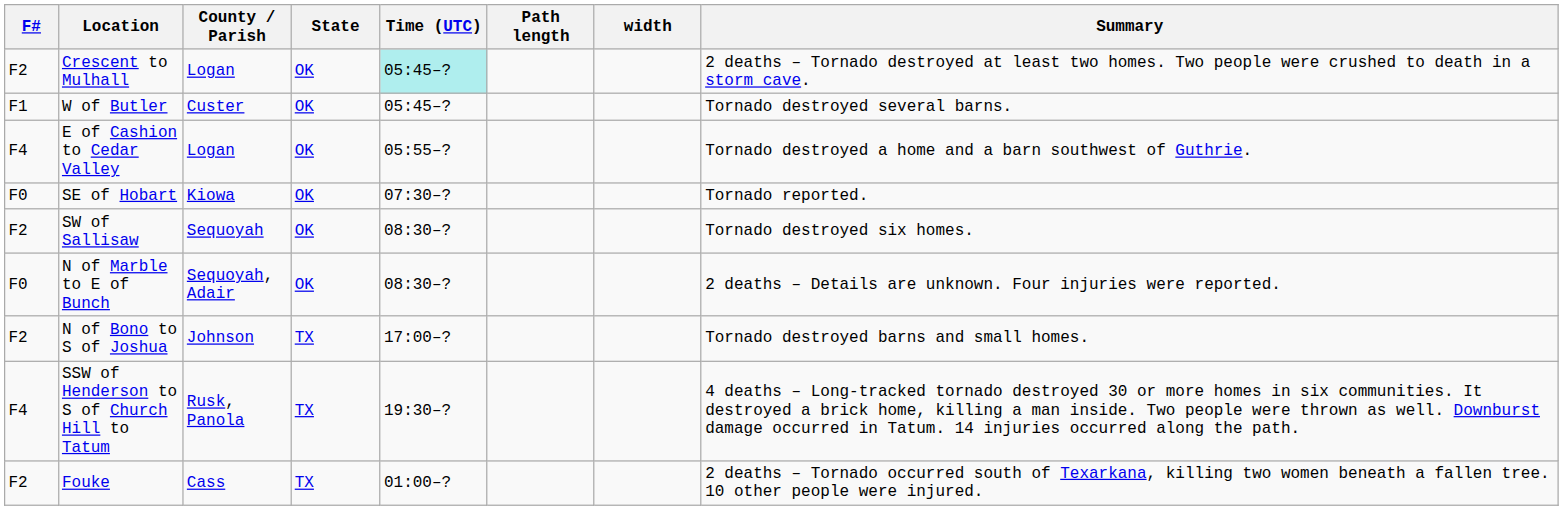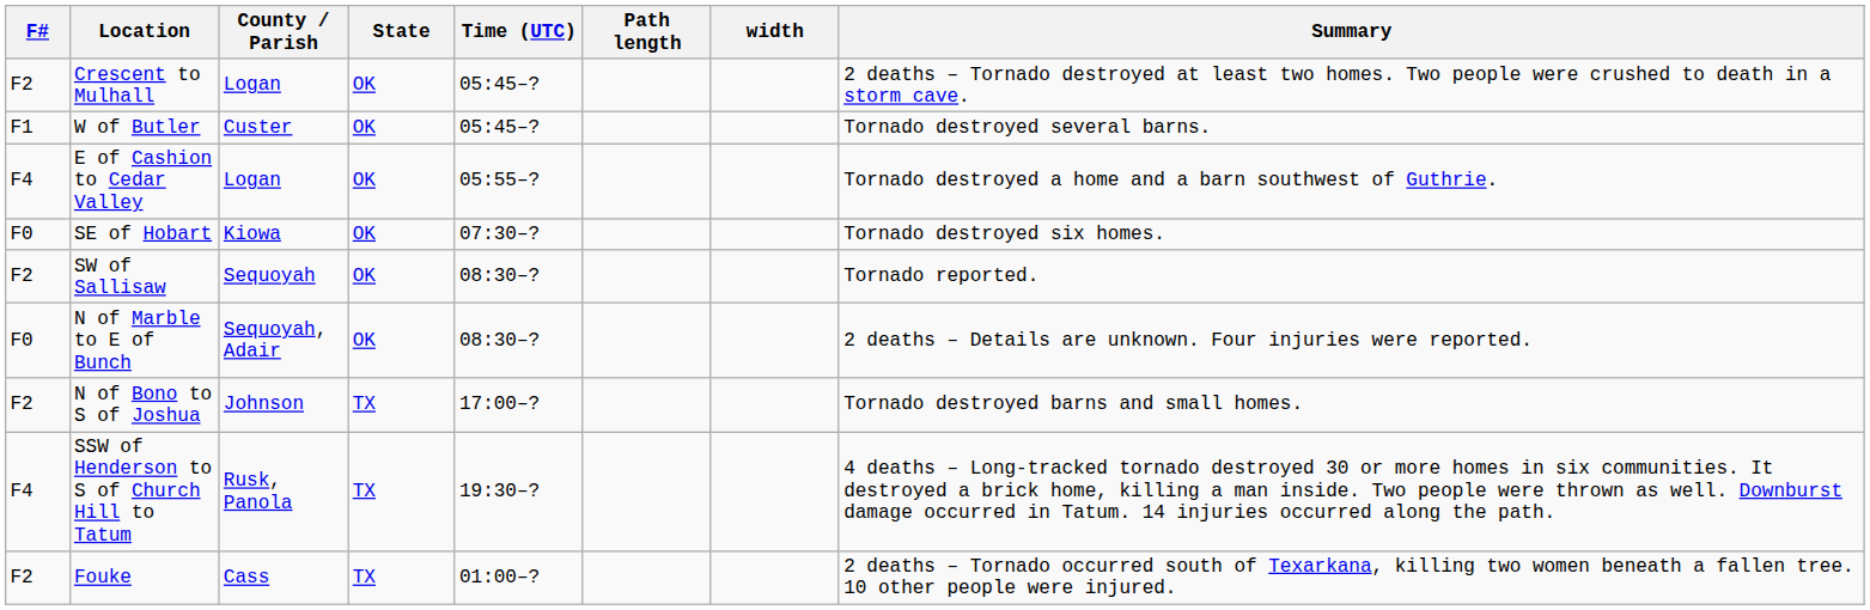 <table class="wikitable sortable" style="width:100%;">
 <tr>
 <th scope="col"  style="width:3%; text-align:center;"><a href='#'>F#</a></th>
 <th scope="col"  style="width:7%; text-align:center;" class="unsortable">Location</th>
 <th scope="col"  style="width:6%; text-align:center;" class="unsortable">County / Parish</th>
 <th scope="col"  style="width:5%; text-align:center;">State</th>
 <th scope="col"  style="width:6%; text-align:center;">Time (<a href='#'>UTC</a>)</th>
 <th scope="col"  style="width:6%; text-align:center;">Path length</th>
 <th scope="col"  style="width:6%; text-align:center;"> width</th>
 <th scope="col" class="unsortable" style="width:48%; text-align:center;">Summary</th>
 </tr>
 <tr>
 <td>F2</td>
 <td><a href='#'>Crescent</a> to <a href='#'>Mulhall</a></td>
 <td><a href='#'>Logan</a></td>
 <td><a href='#'>OK</a></td>
-<td style="background: paleturquoise;">05:45–?</td>
+<td>05:45–?</td>
 <td></td>
 <td></td>
 <td>2 deaths – Tornado destroyed at least two homes. Two people were crushed to death in a <a href='#'>storm cave</a>.</td>
 </tr>
 <tr>
 <td>F1</td>
 <td>W of <a href='#'>Butler</a></td>
 <td><a href='#'>Custer</a></td>
 <td><a href='#'>OK</a></td>
 <td>05:45–?</td>
 <td></td>
 <td></td>
 <td>Tornado destroyed several barns.</td>
 </tr>
 <tr>
 <td>F4</td>
 <td>E of <a href='#'>Cashion</a> to <a href='#'>Cedar Valley</a></td>
 <td><a href='#'>Logan</a></td>
 <td><a href='#'>OK</a></td>
 <td>05:55–?</td>
 <td></td>
 <td></td>
 <td>Tornado destroyed a home and a barn  southwest of <a href='#'>Guthrie</a>.</td>
 </tr>
 <tr>
 <td>F0</td>
 <td>SE of <a href='#'>Hobart</a></td>
 <td><a href='#'>Kiowa</a></td>
 <td><a href='#'>OK</a></td>
 <td>07:30–?</td>
 <td></td>
 <td></td>
-<td>Tornado reported.</td>
+<td>Tornado destroyed six homes.</td>
 </tr>
 <tr>
 <td>F2</td>
 <td>SW of <a href='#'>Sallisaw</a></td>
 <td><a href='#'>Sequoyah</a></td>
 <td><a href='#'>OK</a></td>
 <td>08:30–?</td>
 <td></td>
 <td></td>
-<td>Tornado destroyed six homes.</td>
+<td>Tornado reported.</td>
 </tr>
 <tr>
 <td>F0</td>
 <td>N of <a href='#'>Marble</a> to E of <a href='#'>Bunch</a></td>
 <td><a href='#'>Sequoyah</a>, <a href='#'>Adair</a></td>
 <td><a href='#'>OK</a></td>
 <td>08:30–?</td>
 <td></td>
 <td></td>
 <td>2 deaths – Details are unknown. Four injuries were reported.</td>
 </tr>
 <tr>
 <td>F2</td>
 <td>N of <a href='#'>Bono</a> to S of <a href='#'>Joshua</a></td>
 <td><a href='#'>Johnson</a></td>
 <td><a href='#'>TX</a></td>
 <td>17:00–?</td>
 <td></td>
 <td></td>
 <td>Tornado destroyed barns and small homes.</td>
 </tr>
 <tr>
 <td>F4</td>
 <td>SSW of <a href='#'>Henderson</a> to S of <a href='#'>Church Hill</a> to <a href='#'>Tatum</a></td>
 <td><a href='#'>Rusk</a>, <a href='#'>Panola</a></td>
 <td><a href='#'>TX</a></td>
 <td>19:30–?</td>
 <td></td>
 <td></td>
 <td>4 deaths – Long-tracked tornado destroyed 30 or more homes in six communities. It destroyed a brick home, killing a man inside. Two people were thrown  as well. <a href='#'>Downburst</a> damage occurred in Tatum. 14 injuries occurred along the path.</td>
 </tr>
 <tr>
 <td>F2</td>
 <td><a href='#'>Fouke</a></td>
 <td><a href='#'>Cass</a></td>
 <td><a href='#'>TX</a></td>
 <td>01:00–?</td>
 <td></td>
 <td></td>
 <td>2 deaths – Tornado occurred  south of <a href='#'>Texarkana</a>, killing two women beneath a fallen tree. 10 other people were injured.</td>
 </tr>
 </table>
